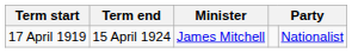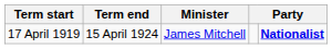 <table class="wikitable">
 <tr>
 <th>Term start</th>
 <th>Term end</th>
 <th>Minister</th>
 <th colspan="2">Party</th>
 </tr>
 <tr>
 <td align=center>17 April 1919</td>
 <td align=center>15 April 1924</td>
 <td><a href='#'>James Mitchell</a></td>
 <td> </td>
-<td><a href='#'>Nationalist</a></td>
+<td><strong><a href='#'>Nationalist</a></strong></td>
 </tr>
 </table>
